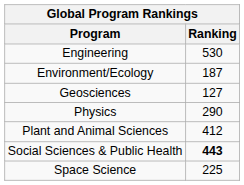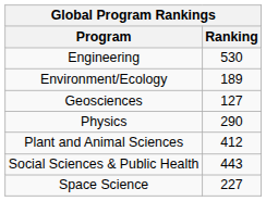 <table class="wikitable sortable collapsible collapsed" style="float:right; clear:right; text-align:center">
 <tr>
 <th colspan=4>Global Program Rankings</th>
 </tr>
 <tr>
 <th>Program</th>
 <th>Ranking</th>
 </tr>
 <tr>
 <td>Engineering</td>
 <td>530</td>
 </tr>
 <tr>
 <td>Environment/Ecology</td>
-<td>187</td>
+<td>189</td>
 </tr>
 <tr>
 <td>Geosciences</td>
 <td>127</td>
 </tr>
 <tr>
 <td>Physics</td>
 <td>290</td>
 </tr>
 <tr>
 <td>Plant and Animal Sciences</td>
 <td>412</td>
 </tr>
 <tr>
 <td>Social Sciences & Public Health</td>
-<td><strong>443</strong></td>
+<td>443</td>
 </tr>
 <tr>
 <td>Space Science</td>
-<td>225</td>
+<td>227</td>
 </tr>
 </table>
